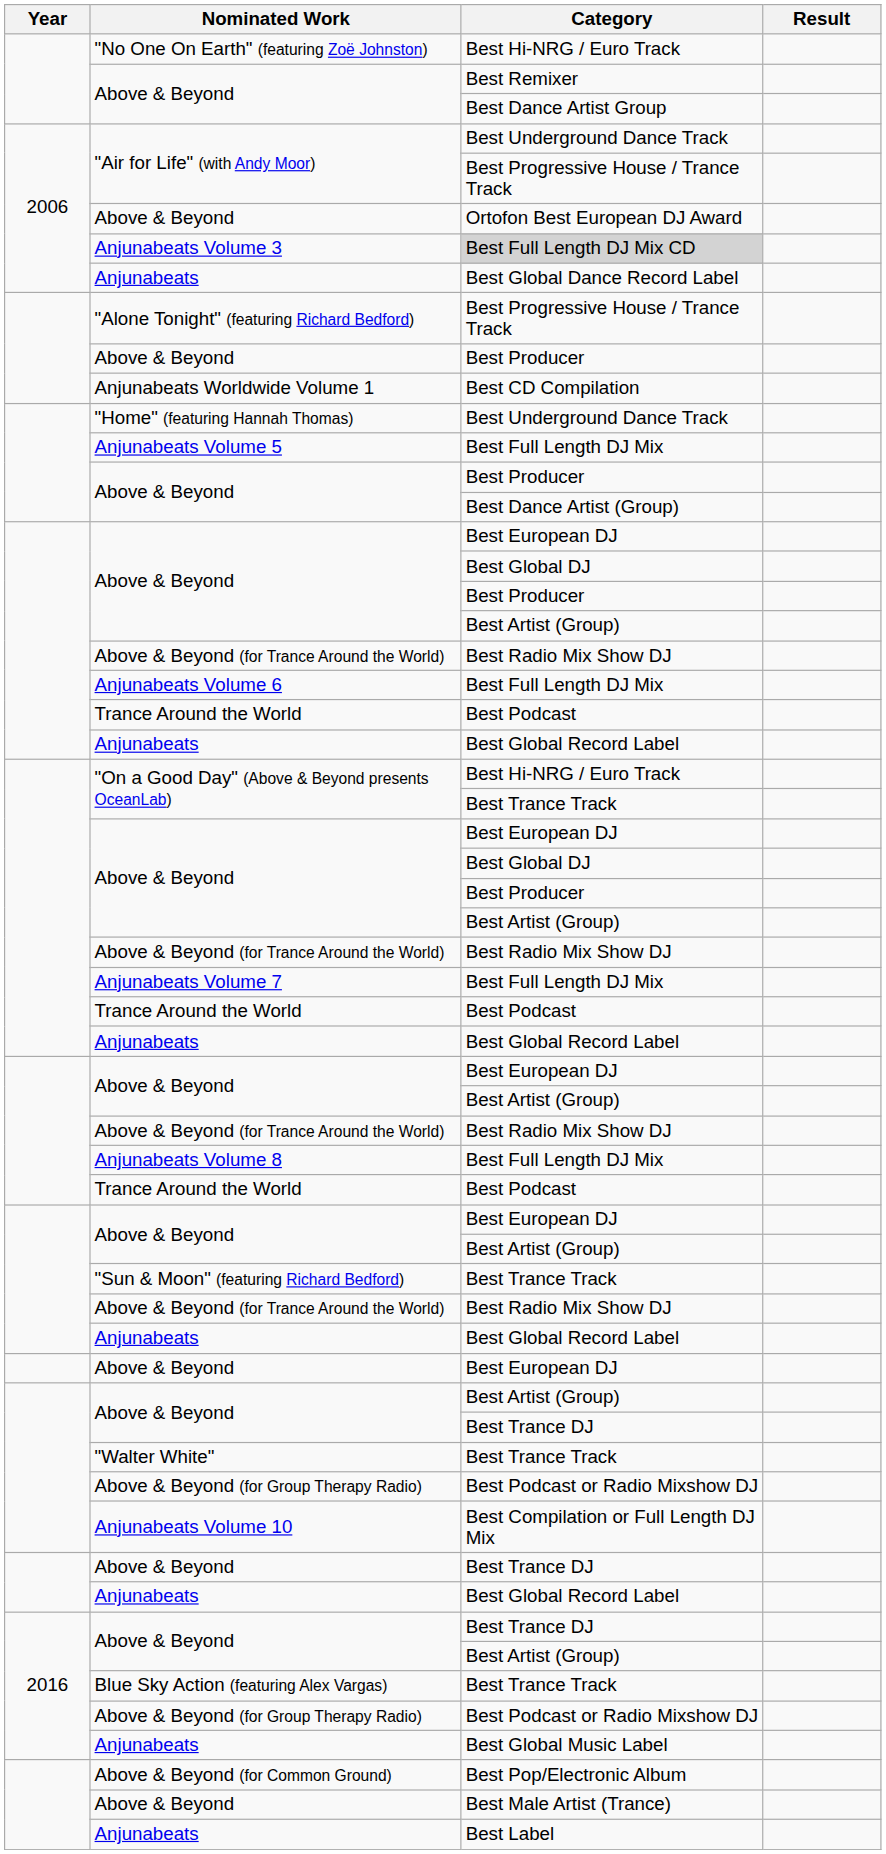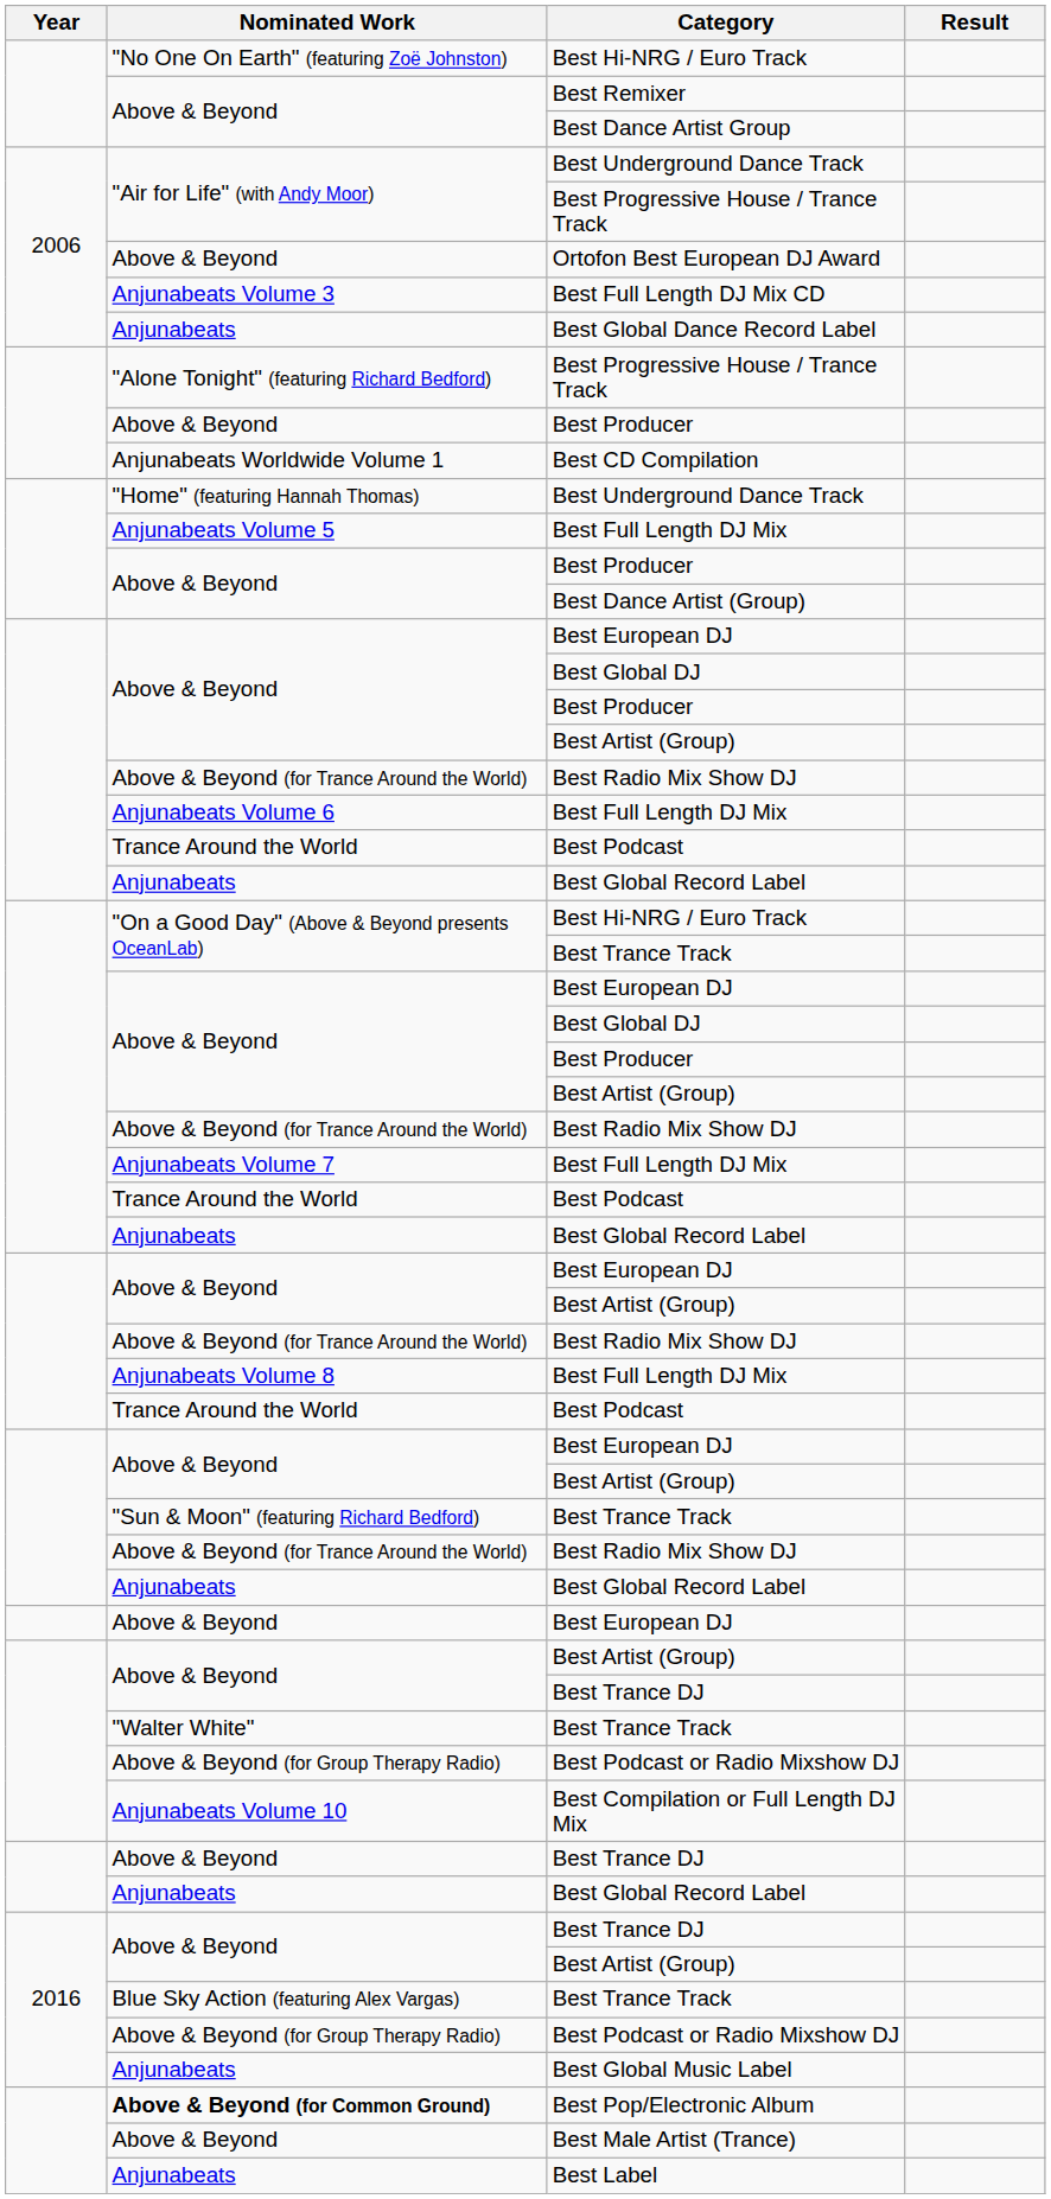 <table class=wikitable | width="750">
 <tr>
 <th style="width:70px;">Year</th>
 <th style="width:340px;">Nominated Work</th>
 <th style="width:270px;">Category</th>
 <th style="width:100px;">Result</th>
 </tr>
 <tr>
 <td rowspan="3"></td>
 <td>"No One On Earth" <small>(featuring <a href='#'>Zoë Johnston</a>)</small></td>
 <td>Best Hi-NRG / Euro Track</td>
 <td></td>
 </tr>
 <tr>
 <td rowspan="2">Above & Beyond</td>
 <td>Best Remixer</td>
 <td></td>
 </tr>
 <tr>
 <td>Best Dance Artist Group</td>
 <td></td>
 </tr>
 <tr>
 <td rowspan="5" style="text-align:center;">2006</td>
 <td rowspan="2">"Air for Life" <small>(with <a href='#'>Andy Moor</a>)</small></td>
 <td>Best Underground Dance Track</td>
 <td></td>
 </tr>
 <tr>
 <td>Best Progressive House / Trance Track</td>
 <td></td>
 </tr>
 <tr>
 <td>Above & Beyond</td>
 <td>Ortofon Best European DJ Award</td>
 <td></td>
 </tr>
 <tr>
 <td><a href='#'>Anjunabeats Volume 3</a></td>
-<td style="background: lightgrey;">Best Full Length DJ Mix CD</td>
+<td>Best Full Length DJ Mix CD</td>
 <td></td>
 </tr>
 <tr>
 <td><a href='#'>Anjunabeats</a></td>
 <td>Best Global Dance Record Label</td>
 <td></td>
 </tr>
 <tr>
 <td rowspan="3"></td>
 <td>"Alone Tonight" <small>(featuring <a href='#'>Richard Bedford</a>)</small></td>
 <td>Best Progressive House / Trance Track</td>
 <td></td>
 </tr>
 <tr>
 <td>Above & Beyond</td>
 <td>Best Producer</td>
 <td></td>
 </tr>
 <tr>
 <td>Anjunabeats Worldwide Volume 1</td>
 <td>Best CD Compilation</td>
 <td></td>
 </tr>
 <tr>
 <td rowspan="4"></td>
 <td>"Home" <small>(featuring Hannah Thomas)</small></td>
 <td>Best Underground Dance Track</td>
 <td></td>
 </tr>
 <tr>
 <td><a href='#'>Anjunabeats Volume 5</a></td>
 <td>Best Full Length DJ Mix</td>
 <td></td>
 </tr>
 <tr>
 <td rowspan="2">Above & Beyond</td>
 <td>Best Producer</td>
 <td></td>
 </tr>
 <tr>
 <td>Best Dance Artist (Group)</td>
 <td></td>
 </tr>
 <tr>
 <td rowspan="8"></td>
 <td rowspan="4">Above & Beyond</td>
 <td>Best European DJ</td>
 <td></td>
 </tr>
 <tr>
 <td>Best Global DJ</td>
 <td></td>
 </tr>
 <tr>
 <td>Best Producer</td>
 <td></td>
 </tr>
 <tr>
 <td>Best Artist (Group)</td>
 <td></td>
 </tr>
 <tr>
 <td>Above & Beyond <small>(for Trance Around the World)</small></td>
 <td>Best Radio Mix Show DJ</td>
 <td></td>
 </tr>
 <tr>
 <td><a href='#'>Anjunabeats Volume 6</a></td>
 <td>Best Full Length DJ Mix</td>
 <td></td>
 </tr>
 <tr>
 <td>Trance Around the World</td>
 <td>Best Podcast</td>
 <td></td>
 </tr>
 <tr>
 <td><a href='#'>Anjunabeats</a></td>
 <td>Best Global Record Label</td>
 <td></td>
 </tr>
 <tr>
 <td rowspan="10"></td>
 <td rowspan="2">"On a Good Day" <small>(Above & Beyond presents <a href='#'>OceanLab</a>)</small></td>
 <td>Best Hi-NRG / Euro Track</td>
 <td></td>
 </tr>
 <tr>
 <td>Best Trance Track</td>
 <td></td>
 </tr>
 <tr>
 <td rowspan="4">Above & Beyond</td>
 <td>Best European DJ</td>
 <td></td>
 </tr>
 <tr>
 <td>Best Global DJ</td>
 <td></td>
 </tr>
 <tr>
 <td>Best Producer</td>
 <td></td>
 </tr>
 <tr>
 <td>Best Artist (Group)</td>
 <td></td>
 </tr>
 <tr>
 <td>Above & Beyond <small>(for Trance Around the World)</small></td>
 <td>Best Radio Mix Show DJ</td>
 <td></td>
 </tr>
 <tr>
 <td><a href='#'>Anjunabeats Volume 7</a></td>
 <td>Best Full Length DJ Mix</td>
 <td></td>
 </tr>
 <tr>
 <td>Trance Around the World</td>
 <td>Best Podcast</td>
 <td></td>
 </tr>
 <tr>
 <td><a href='#'>Anjunabeats</a></td>
 <td>Best Global Record Label</td>
 <td></td>
 </tr>
 <tr>
 <td rowspan="5"></td>
 <td rowspan="2">Above & Beyond</td>
 <td>Best European DJ</td>
 <td></td>
 </tr>
 <tr>
 <td>Best Artist (Group)</td>
 <td></td>
 </tr>
 <tr>
 <td>Above & Beyond <small>(for Trance Around the World)</small></td>
 <td>Best Radio Mix Show DJ</td>
 <td></td>
 </tr>
 <tr>
 <td><a href='#'>Anjunabeats Volume 8</a></td>
 <td>Best Full Length DJ Mix</td>
 <td></td>
 </tr>
 <tr>
 <td>Trance Around the World</td>
 <td>Best Podcast</td>
 <td></td>
 </tr>
 <tr>
 <td rowspan="5"></td>
 <td rowspan="2">Above & Beyond</td>
 <td>Best European DJ</td>
 <td></td>
 </tr>
 <tr>
 <td>Best Artist (Group)</td>
 <td></td>
 </tr>
 <tr>
 <td>"Sun & Moon" <small>(featuring <a href='#'>Richard Bedford</a>)</small></td>
 <td>Best Trance Track</td>
 <td></td>
 </tr>
 <tr>
 <td>Above & Beyond <small>(for Trance Around the World)</small></td>
 <td>Best Radio Mix Show DJ</td>
 <td></td>
 </tr>
 <tr>
 <td><a href='#'>Anjunabeats</a></td>
 <td>Best Global Record Label</td>
 <td></td>
 </tr>
 <tr>
 <td></td>
 <td>Above & Beyond</td>
 <td>Best European DJ</td>
 <td></td>
 </tr>
 <tr>
 <td rowspan="5"></td>
 <td rowspan="2">Above & Beyond</td>
 <td>Best Artist (Group)</td>
 <td></td>
 </tr>
 <tr>
 <td>Best Trance DJ</td>
 <td></td>
 </tr>
 <tr>
 <td>"Walter White"</td>
 <td>Best Trance Track</td>
 <td></td>
 </tr>
 <tr>
 <td>Above & Beyond <small>(for Group Therapy Radio)</small></td>
 <td>Best Podcast or Radio Mixshow DJ</td>
 <td></td>
 </tr>
 <tr>
 <td><a href='#'>Anjunabeats Volume 10</a></td>
 <td>Best Compilation or Full Length DJ Mix</td>
 <td></td>
 </tr>
 <tr>
 <td rowspan="2"></td>
 <td>Above & Beyond</td>
 <td>Best Trance DJ</td>
 <td></td>
 </tr>
 <tr>
 <td><a href='#'>Anjunabeats</a></td>
 <td>Best Global Record Label</td>
 <td></td>
 </tr>
 <tr>
 <td rowspan="5" style="text-align:center;">2016</td>
 <td rowspan="2">Above & Beyond</td>
 <td>Best Trance DJ</td>
 <td></td>
 </tr>
 <tr>
 <td>Best Artist (Group)</td>
 <td></td>
 </tr>
 <tr>
 <td>Blue Sky Action <small>(featuring Alex Vargas)</small></td>
 <td>Best Trance Track</td>
 <td></td>
 </tr>
 <tr>
 <td>Above & Beyond <small>(for Group Therapy Radio)</small></td>
 <td>Best Podcast or Radio Mixshow DJ</td>
 <td></td>
 </tr>
 <tr>
 <td><a href='#'>Anjunabeats</a></td>
 <td>Best Global Music Label</td>
 <td></td>
 </tr>
 <tr>
 <td rowspan="3"></td>
-<td>Above & Beyond <small>(for Common Ground)</small></td>
+<td><strong>Above & Beyond <small>(for Common Ground)</small></strong></td>
 <td>Best Pop/Electronic Album</td>
 <td></td>
 </tr>
 <tr>
 <td>Above & Beyond</td>
 <td>Best Male Artist (Trance)</td>
 <td></td>
 </tr>
 <tr>
 <td><a href='#'>Anjunabeats</a></td>
 <td>Best Label</td>
 <td></td>
 </tr>
 </table>
